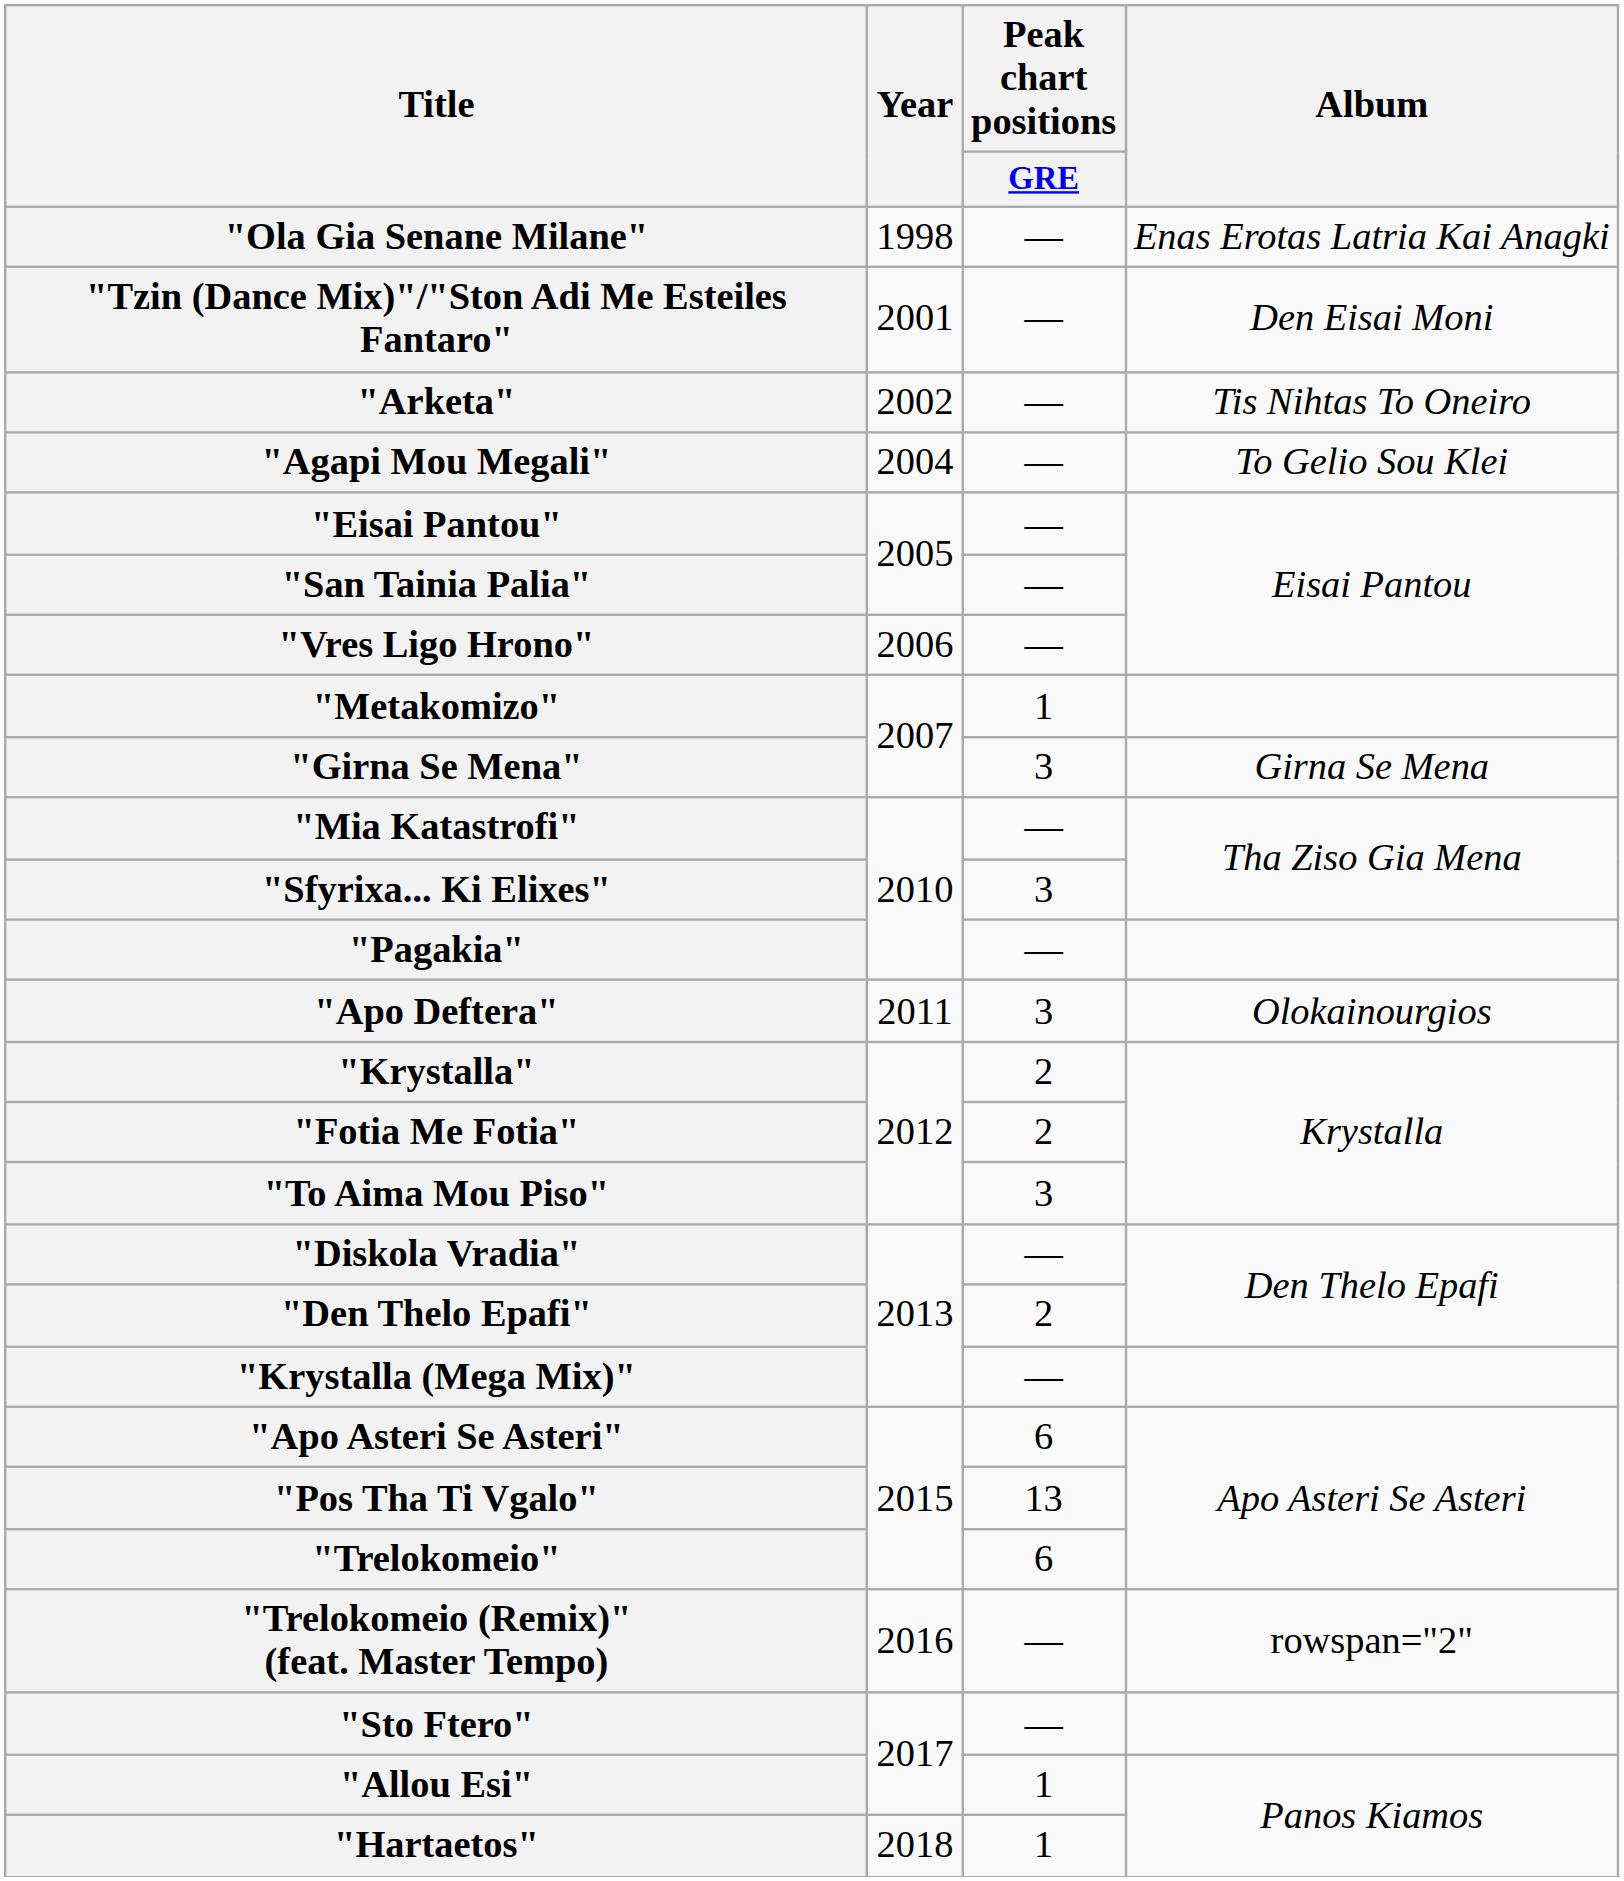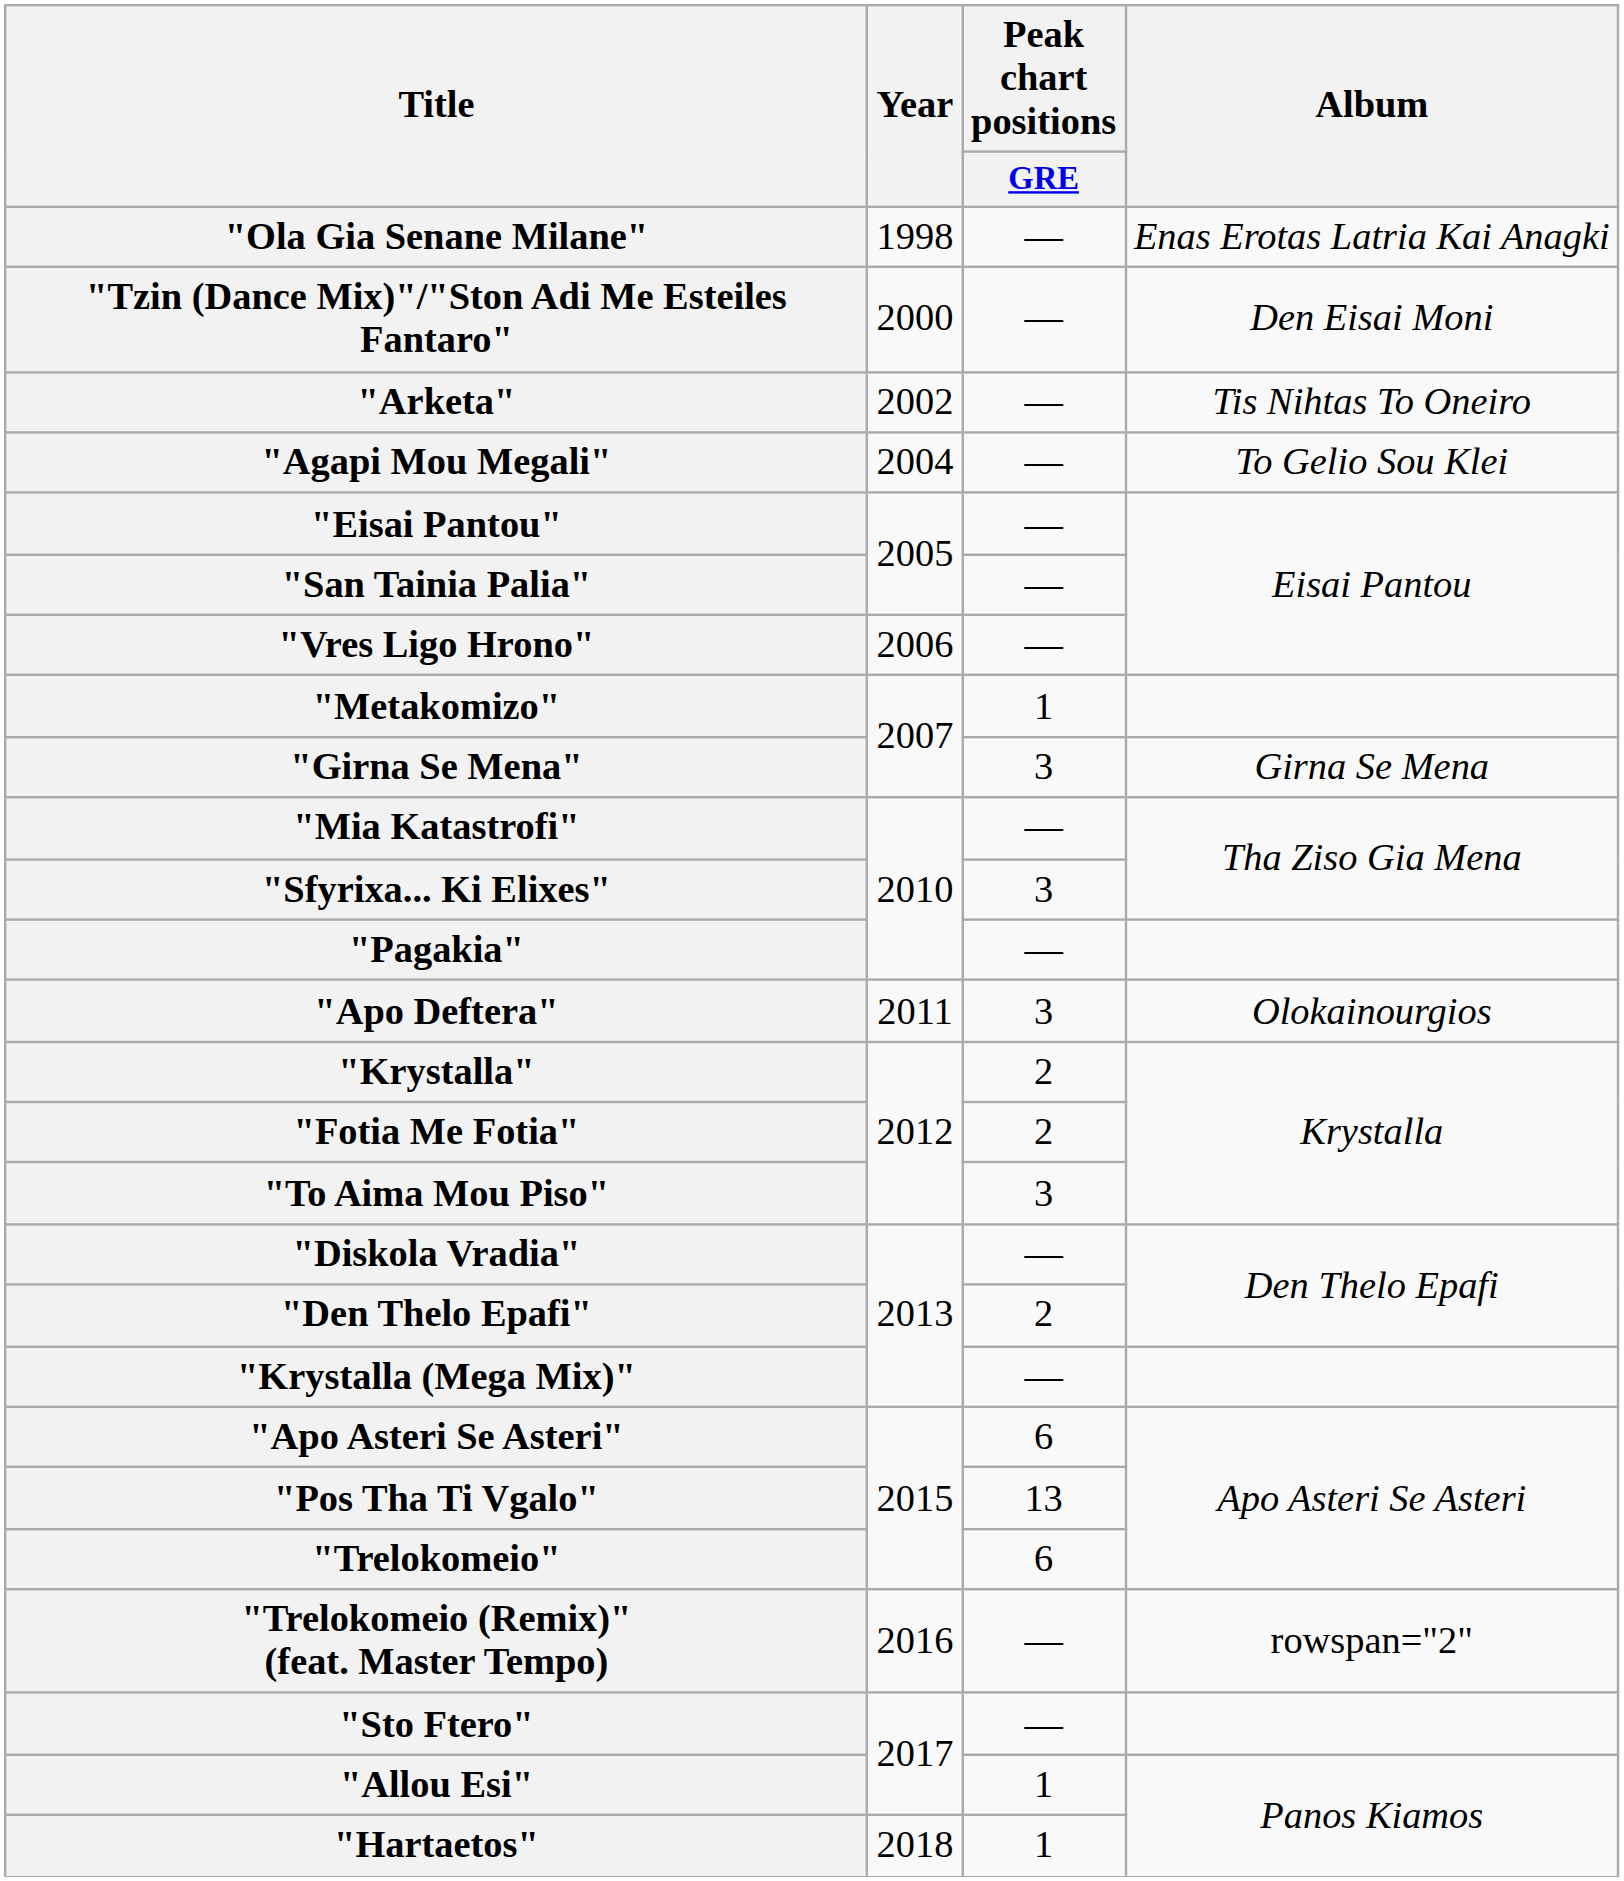 <table class="wikitable plainrowheaders" style="text-align:center">
 <tr>
 <th scope="col" rowspan="2" scope="col" style="width:22em;">Title</th>
 <th scope="col" rowspan="2" style="width:1em;">Year</th>
 <th scope="col" colspan="1">Peak chart positions</th>
 <th scope="col" rowspan="2">Album</th>
 </tr>
 <tr>
 <th scope="col" style="width:3em;font-size:85%;"><a href='#'>GRE</a><br></th>
 </tr>
 <tr>
 <th scope="row">"Ola Gia Senane Milane"</th>
 <td>1998</td>
 <td>—</td>
 <td><em>Enas Erotas Latria Kai Anagki</em></td>
 </tr>
 <tr>
 <th scope="row">"Tzin (Dance Mix)"/"Ston Adi Me Esteiles Fantaro"</th>
-<td>2001</td>
+<td>2000</td>
 <td>—</td>
 <td><em>Den Eisai Moni</em></td>
 </tr>
 <tr>
 <th scope="row">"Arketa"</th>
 <td>2002</td>
 <td>—</td>
 <td><em>Tis Nihtas To Oneiro</em></td>
 </tr>
 <tr>
 <th scope="row">"Agapi Mou Megali"</th>
 <td>2004</td>
 <td>—</td>
 <td><em>To Gelio Sou Klei</em></td>
 </tr>
 <tr>
 <th scope="row">"Eisai Pantou"</th>
 <td rowspan="2">2005</td>
 <td>—</td>
 <td rowspan="3"><em>Eisai Pantou</em></td>
 </tr>
 <tr>
 <th scope="row">"San Tainia Palia"</th>
 <td>—</td>
 </tr>
 <tr>
 <th scope="row">"Vres Ligo Hrono"</th>
 <td>2006</td>
 <td>—</td>
 </tr>
 <tr>
 <th scope="row">"Metakomizo"</th>
 <td rowspan="2">2007</td>
 <td>1</td>
 <td></td>
 </tr>
 <tr>
 <th scope="row">"Girna Se Mena"</th>
 <td>3</td>
 <td><em>Girna Se Mena</em></td>
 </tr>
 <tr>
 <th scope="row">"Mia Katastrofi"</th>
 <td rowspan="3">2010</td>
 <td>—</td>
 <td rowspan="2"><em>Tha Ziso Gia Mena</em></td>
 </tr>
 <tr>
 <th scope="row">"Sfyrixa... Ki Elixes"</th>
 <td>3</td>
 </tr>
 <tr>
 <th scope="row">"Pagakia"</th>
 <td>—</td>
 <td></td>
 </tr>
 <tr>
 <th scope="row">"Apo Deftera"</th>
 <td>2011</td>
 <td>3</td>
 <td><em>Olokainourgios</em></td>
 </tr>
 <tr>
 <th scope="row">"Krystalla"</th>
 <td rowspan="3">2012</td>
 <td>2</td>
 <td rowspan="3"><em>Krystalla</em></td>
 </tr>
 <tr>
 <th scope="row">"Fotia Me Fotia"</th>
 <td>2</td>
 </tr>
 <tr>
 <th scope="row">"To Aima Mou Piso"</th>
 <td>3</td>
 </tr>
 <tr>
 <th scope="row">"Diskola Vradia"</th>
 <td rowspan="3">2013</td>
 <td>—</td>
 <td rowspan="2"><em>Den Thelo Epafi</em></td>
 </tr>
 <tr>
 <th scope="row">"Den Thelo Epafi"</th>
 <td>2</td>
 </tr>
 <tr>
 <th scope="row">"Krystalla (Mega Mix)"</th>
 <td>—</td>
 <td></td>
 </tr>
 <tr>
 <th scope="row">"Apo Asteri Se Asteri"</th>
 <td rowspan="3">2015</td>
 <td>6</td>
 <td rowspan="3"><em>Apo Asteri Se Asteri</em></td>
 </tr>
 <tr>
 <th scope="row">"Pos Tha Ti Vgalo"</th>
 <td>13</td>
 </tr>
 <tr>
 <th scope="row">"Trelokomeio"</th>
 <td>6</td>
 </tr>
 <tr>
 <th scope="row">"Trelokomeio (Remix)"<br>(feat. Master Tempo)</th>
 <td>2016</td>
 <td>—</td>
 <td>rowspan="2" </td>
 </tr>
 <tr>
 <th scope="row">"Sto Ftero"</th>
 <td rowspan="2">2017</td>
 <td>—</td>
 </tr>
 <tr>
 <th scope="row">"Allou Esi"</th>
 <td>1</td>
 <td rowspan="2"><em>Panos Kiamos</em></td>
 </tr>
 <tr>
 <th scope="row">"Hartaetos"</th>
 <td>2018</td>
 <td>1</td>
 </tr>
 </table>
